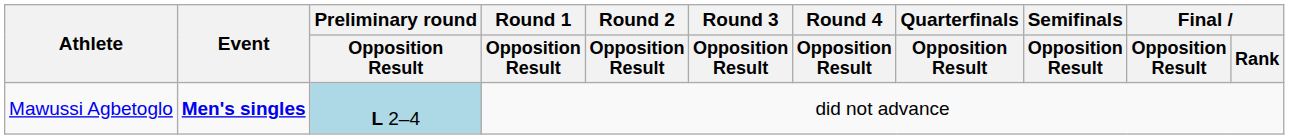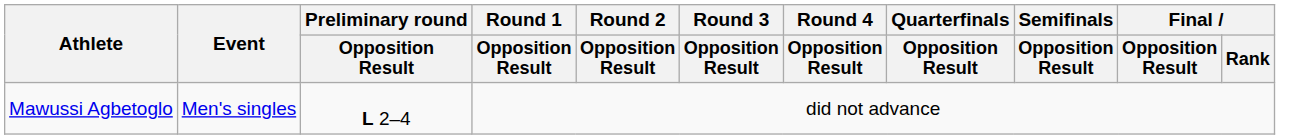 <table class="wikitable" style="font-size:90%">
 <tr>
 <th rowspan="2">Athlete</th>
 <th rowspan="2">Event</th>
 <th>Preliminary round</th>
 <th>Round 1</th>
 <th>Round 2</th>
 <th>Round 3</th>
 <th>Round 4</th>
 <th>Quarterfinals</th>
 <th>Semifinals</th>
 <th colspan=2>Final / </th>
 </tr>
 <tr style="font-size:95%">
 <th>Opposition<br>Result</th>
 <th>Opposition<br>Result</th>
 <th>Opposition<br>Result</th>
 <th>Opposition<br>Result</th>
 <th>Opposition<br>Result</th>
 <th>Opposition<br>Result</th>
 <th>Opposition<br>Result</th>
 <th>Opposition<br>Result</th>
 <th>Rank</th>
 </tr>
 <tr align=center>
 <td align=left><a href='#'>Mawussi Agbetoglo</a></td>
-<td align=left><strong><a href='#'>Men's singles</a></strong></td>
-<td style="background: lightblue;"> <br><strong>L</strong> 2–4</td>
+<td align=left><a href='#'>Men's singles</a></td>
+<td> <br><strong>L</strong> 2–4</td>
 <td colspan=8>did not advance</td>
 </tr>
 </table>
